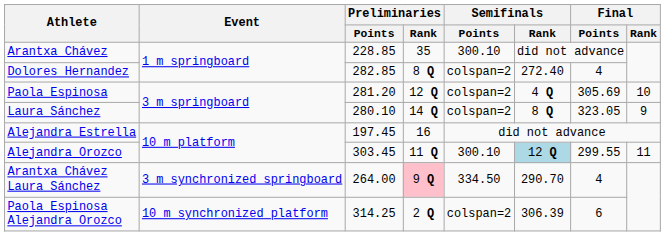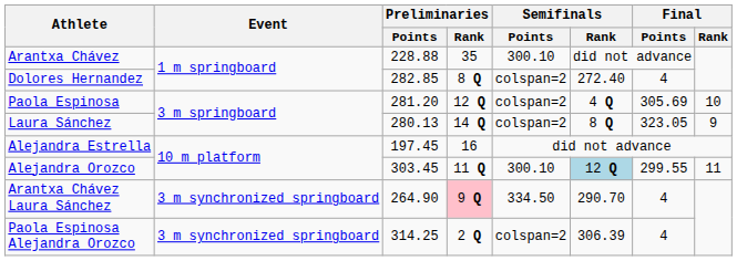 <table class=wikitable style="font-size:90%;">
 <tr>
 <th rowspan="2">Athlete</th>
 <th rowspan="2">Event</th>
 <th colspan="2">Preliminaries</th>
 <th colspan="2">Semifinals</th>
 <th colspan="2">Final</th>
 </tr>
 <tr style="font-size:95%">
 <th>Points</th>
 <th>Rank</th>
 <th>Points</th>
 <th>Rank</th>
 <th>Points</th>
 <th>Rank</th>
 </tr>
 <tr align=center>
 <td align=left><a href='#'>Arantxa Chávez</a></td>
 <td align=left rowspan=2><a href='#'>1 m springboard</a></td>
-<td>228.85</td>
+<td>228.88</td>
 <td>35</td>
 <td>300.10</td>
 <td colspan=2>did not advance</td>
 </tr>
 <tr align=center>
 <td align=left><a href='#'>Dolores Hernandez</a></td>
 <td>282.85</td>
 <td>8 <strong>Q</strong></td>
 <td>colspan=2 </td>
 <td>272.40</td>
 <td>4</td>
 </tr>
 <tr align=center>
 <td align=left><a href='#'>Paola Espinosa</a></td>
 <td align=left rowspan=2><a href='#'>3 m springboard</a></td>
 <td>281.20</td>
 <td>12 <strong>Q</strong></td>
 <td>colspan=2 </td>
 <td>4 <strong>Q</strong></td>
 <td>305.69</td>
 <td>10</td>
 </tr>
 <tr align=center>
 <td align=left><a href='#'>Laura Sánchez</a></td>
-<td>280.10</td>
+<td>280.13</td>
 <td>14 <strong>Q</strong></td>
 <td>colspan=2 </td>
 <td>8 <strong>Q</strong></td>
 <td>323.05</td>
 <td>9</td>
 </tr>
 <tr align=center>
 <td align=left><a href='#'>Alejandra Estrella</a></td>
 <td align=left rowspan=2><a href='#'>10 m platform</a></td>
 <td>197.45</td>
 <td>16</td>
 <td colspan=4>did not advance</td>
 </tr>
 <tr align=center>
 <td align=left><a href='#'>Alejandra Orozco</a></td>
 <td>303.45</td>
 <td>11 <strong>Q</strong></td>
 <td>300.10</td>
 <td style="background: lightblue;">12 <strong>Q</strong></td>
 <td>299.55</td>
 <td>11</td>
 </tr>
 <tr align=center>
 <td align=left><a href='#'>Arantxa Chávez</a><br><a href='#'>Laura Sánchez</a></td>
 <td align=left><a href='#'>3 m synchronized springboard</a></td>
-<td>264.00</td>
+<td>264.90</td>
 <td style="background: pink;">9 <strong>Q</strong></td>
 <td>334.50</td>
 <td>290.70</td>
 <td>4</td>
 </tr>
 <tr align=center>
 <td align=left><a href='#'>Paola Espinosa</a><br><a href='#'>Alejandra Orozco</a></td>
-<td align=left><a href='#'>10 m synchronized platform</a></td>
+<td align=left><a href='#'>3 m synchronized springboard</a></td>
 <td>314.25</td>
 <td>2 <strong>Q</strong></td>
 <td>colspan=2 </td>
 <td>306.39</td>
-<td>6</td>
+<td>4</td>
 </tr>
 </table>
